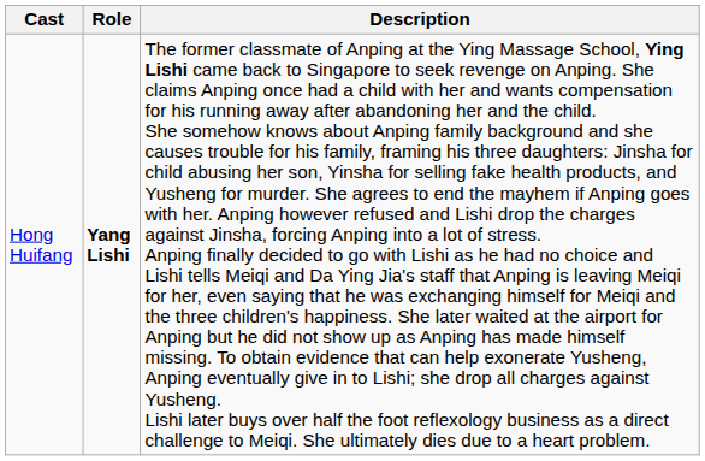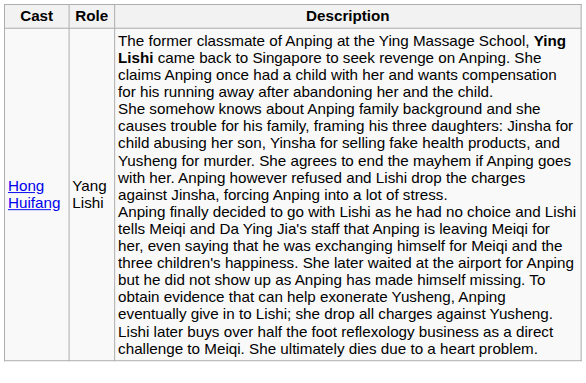 <table class="wikitable">
 <tr>
 <th>Cast</th>
 <th>Role</th>
 <th>Description</th>
 </tr>
 <tr>
 <td><a href='#'>Hong Huifang</a></td>
-<td><strong>Yang Lishi</strong></td>
+<td>Yang Lishi</td>
 <td>The former classmate of Anping at the Ying Massage School, <strong>Ying Lishi</strong> came back to Singapore to seek revenge on Anping. She claims Anping once had a child with her and wants compensation for his running away after abandoning her and the child.<br>She somehow knows about Anping family background and she causes trouble for his family, framing his three daughters: Jinsha for child abusing her son, Yinsha for selling fake health products, and Yusheng for murder. She agrees to end the mayhem if Anping goes with her. Anping however refused and Lishi drop the charges against Jinsha, forcing Anping into a lot of stress.<br>Anping finally decided to go with Lishi as he had no choice and Lishi tells Meiqi and Da Ying Jia's staff that Anping is leaving Meiqi for her, even saying that he was exchanging himself for Meiqi and the three children's happiness. She later waited at the airport for Anping but he did not show up as Anping has made himself missing. To obtain evidence that can help exonerate Yusheng, Anping eventually give in to Lishi; she drop all charges against Yusheng.<br>Lishi later buys over half the foot reflexology business as a direct challenge to Meiqi. She ultimately dies due to a heart problem.</td>
 </tr>
 </table>
